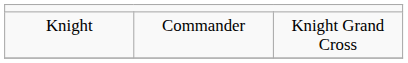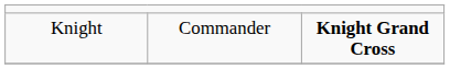 <table align=center class=wikitable width=30% style="margin:1em auto;">
 <tr>
 <td colspan="3" align="center"></td>
 </tr>
 <tr>
 <td width=20% valign=top align=center> Knight</td>
 <td width=20% valign=top align=center> Commander</td>
-<td width=20% valign=top align=center> Knight Grand Cross</td>
+<td width=20% valign=top align=center><strong> Knight Grand Cross</strong></td>
 </tr>
 <tr>
 </tr>
 </table>
